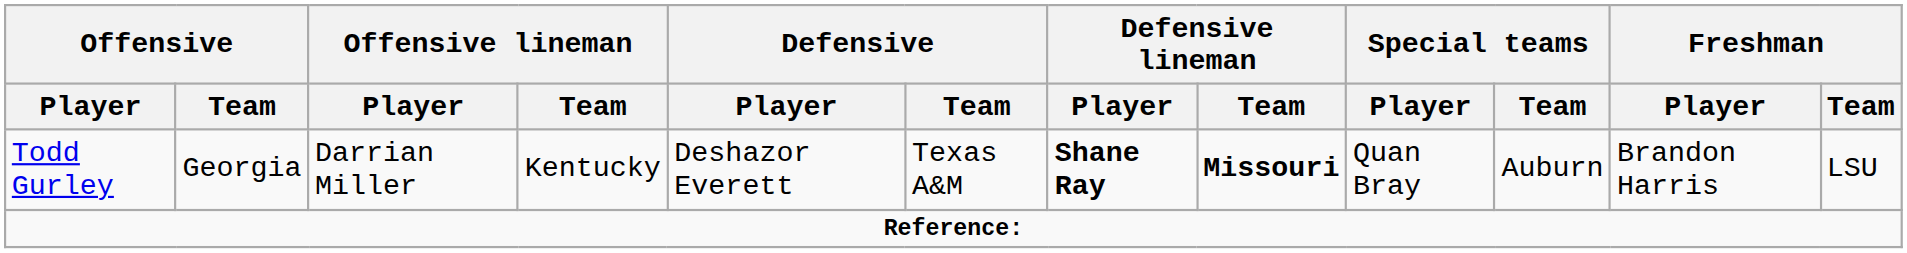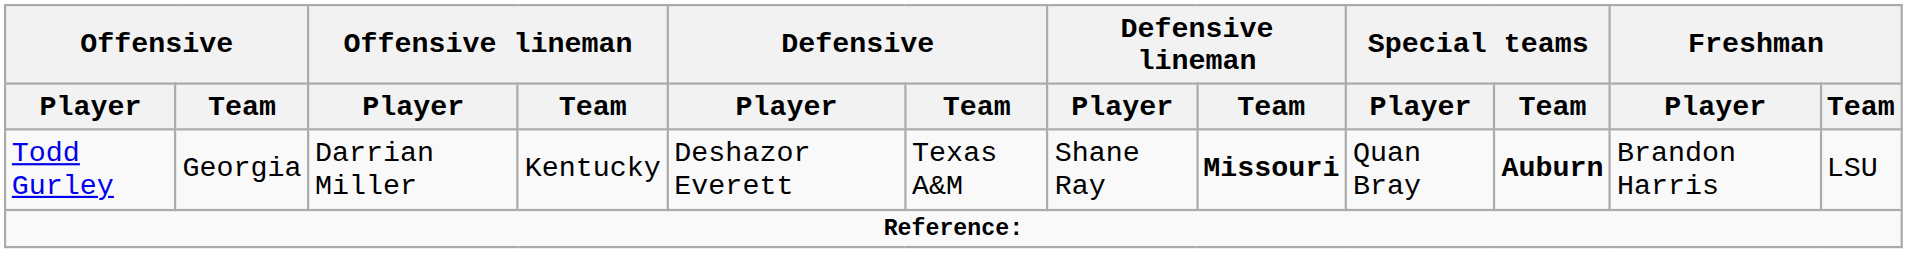 <table class="wikitable" border="1">
 <tr>
 <th colspan="2">Offensive</th>
 <th colspan="2">Offensive lineman</th>
 <th colspan="2">Defensive</th>
 <th colspan="2">Defensive lineman</th>
 <th colspan="2">Special teams</th>
 <th colspan="2">Freshman</th>
 </tr>
 <tr>
 <th>Player</th>
 <th>Team</th>
 <th>Player</th>
 <th>Team</th>
 <th>Player</th>
 <th>Team</th>
 <th>Player</th>
 <th>Team</th>
 <th>Player</th>
 <th>Team</th>
 <th>Player</th>
 <th>Team</th>
 </tr>
 <tr>
 <td><a href='#'>Todd Gurley</a></td>
 <td>Georgia</td>
 <td>Darrian Miller</td>
 <td>Kentucky</td>
 <td>Deshazor Everett</td>
 <td>Texas A&M</td>
-<td><strong>Shane Ray</strong></td>
+<td>Shane Ray</td>
 <td><strong>Missouri</strong></td>
 <td>Quan Bray</td>
-<td>Auburn</td>
+<td><strong>Auburn</strong></td>
 <td>Brandon Harris</td>
 <td>LSU</td>
 </tr>
 <tr>
 <td colspan="12" style="font-size: 8pt" align="center"><strong>Reference:</strong></td>
 </tr>
 </table>
